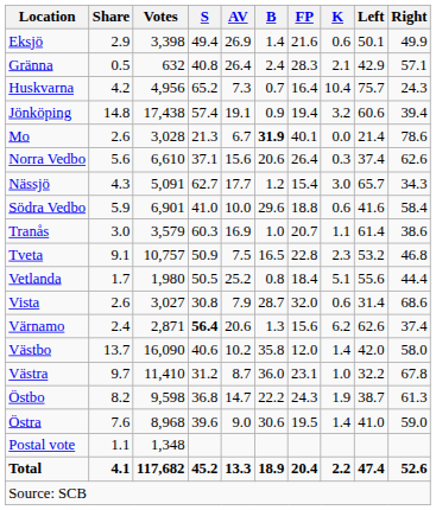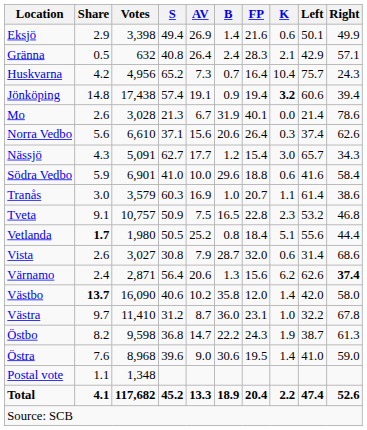 <table class="wikitable sortable" style=text-align:right>
 <tr>
 <th>Location</th>
 <th>Share</th>
 <th>Votes</th>
 <th><a href='#'>S</a></th>
 <th><a href='#'>AV</a></th>
 <th><a href='#'>B</a></th>
 <th><a href='#'>FP</a></th>
 <th><a href='#'>K</a></th>
 <th>Left</th>
 <th>Right</th>
 </tr>
 <tr>
 <td align=left><a href='#'>Eksjö</a></td>
 <td>2.9</td>
 <td>3,398</td>
 <td>49.4</td>
 <td>26.9</td>
 <td>1.4</td>
 <td>21.6</td>
 <td>0.6</td>
 <td>50.1</td>
 <td>49.9</td>
 </tr>
 <tr>
 <td align=left><a href='#'>Gränna</a></td>
 <td>0.5</td>
 <td>632</td>
 <td>40.8</td>
 <td>26.4</td>
 <td>2.4</td>
 <td>28.3</td>
 <td>2.1</td>
 <td>42.9</td>
 <td>57.1</td>
 </tr>
 <tr>
 <td align=left><a href='#'>Huskvarna</a></td>
 <td>4.2</td>
 <td>4,956</td>
 <td>65.2</td>
 <td>7.3</td>
 <td>0.7</td>
 <td>16.4</td>
 <td>10.4</td>
 <td>75.7</td>
 <td>24.3</td>
 </tr>
 <tr>
 <td align=left><a href='#'>Jönköping</a></td>
 <td>14.8</td>
 <td>17,438</td>
 <td>57.4</td>
 <td>19.1</td>
 <td>0.9</td>
 <td>19.4</td>
-<td>3.2</td>
+<td><strong>3.2</strong></td>
 <td>60.6</td>
 <td>39.4</td>
 </tr>
 <tr>
 <td align=left><a href='#'>Mo</a></td>
 <td>2.6</td>
 <td>3,028</td>
 <td>21.3</td>
 <td>6.7</td>
-<td><strong>31.9</strong></td>
+<td>31.9</td>
 <td>40.1</td>
 <td>0.0</td>
 <td>21.4</td>
 <td>78.6</td>
 </tr>
 <tr>
 <td align=left><a href='#'>Norra Vedbo</a></td>
 <td>5.6</td>
 <td>6,610</td>
 <td>37.1</td>
 <td>15.6</td>
 <td>20.6</td>
 <td>26.4</td>
 <td>0.3</td>
 <td>37.4</td>
 <td>62.6</td>
 </tr>
 <tr>
 <td align=left><a href='#'>Nässjö</a></td>
 <td>4.3</td>
 <td>5,091</td>
 <td>62.7</td>
 <td>17.7</td>
 <td>1.2</td>
 <td>15.4</td>
 <td>3.0</td>
 <td>65.7</td>
 <td>34.3</td>
 </tr>
 <tr>
 <td align=left><a href='#'>Södra Vedbo</a></td>
 <td>5.9</td>
 <td>6,901</td>
 <td>41.0</td>
 <td>10.0</td>
 <td>29.6</td>
 <td>18.8</td>
 <td>0.6</td>
 <td>41.6</td>
 <td>58.4</td>
 </tr>
 <tr>
 <td align=left><a href='#'>Tranås</a></td>
 <td>3.0</td>
 <td>3,579</td>
 <td>60.3</td>
 <td>16.9</td>
 <td>1.0</td>
 <td>20.7</td>
 <td>1.1</td>
 <td>61.4</td>
 <td>38.6</td>
 </tr>
 <tr>
 <td align=left><a href='#'>Tveta</a></td>
 <td>9.1</td>
 <td>10,757</td>
 <td>50.9</td>
 <td>7.5</td>
 <td>16.5</td>
 <td>22.8</td>
 <td>2.3</td>
 <td>53.2</td>
 <td>46.8</td>
 </tr>
 <tr>
 <td align=left><a href='#'>Vetlanda</a></td>
-<td>1.7</td>
+<td><strong>1.7</strong></td>
 <td>1,980</td>
 <td>50.5</td>
 <td>25.2</td>
 <td>0.8</td>
 <td>18.4</td>
 <td>5.1</td>
 <td>55.6</td>
 <td>44.4</td>
 </tr>
 <tr>
 <td align=left><a href='#'>Vista</a></td>
 <td>2.6</td>
 <td>3,027</td>
 <td>30.8</td>
 <td>7.9</td>
 <td>28.7</td>
 <td>32.0</td>
 <td>0.6</td>
 <td>31.4</td>
 <td>68.6</td>
 </tr>
 <tr>
 <td align=left><a href='#'>Värnamo</a></td>
 <td>2.4</td>
 <td>2,871</td>
-<td><strong>56.4</strong></td>
+<td>56.4</td>
 <td>20.6</td>
 <td>1.3</td>
 <td>15.6</td>
 <td>6.2</td>
 <td>62.6</td>
-<td>37.4</td>
+<td><strong>37.4</strong></td>
 </tr>
 <tr>
 <td align=left><a href='#'>Västbo</a></td>
-<td>13.7</td>
+<td><strong>13.7</strong></td>
 <td>16,090</td>
 <td>40.6</td>
 <td>10.2</td>
 <td>35.8</td>
 <td>12.0</td>
 <td>1.4</td>
 <td>42.0</td>
 <td>58.0</td>
 </tr>
 <tr>
 <td align=left><a href='#'>Västra</a></td>
 <td>9.7</td>
 <td>11,410</td>
 <td>31.2</td>
 <td>8.7</td>
 <td>36.0</td>
 <td>23.1</td>
 <td>1.0</td>
 <td>32.2</td>
 <td>67.8</td>
 </tr>
 <tr>
 <td align=left><a href='#'>Östbo</a></td>
 <td>8.2</td>
 <td>9,598</td>
 <td>36.8</td>
 <td>14.7</td>
 <td>22.2</td>
 <td>24.3</td>
 <td>1.9</td>
 <td>38.7</td>
 <td>61.3</td>
 </tr>
 <tr>
 <td align=left><a href='#'>Östra</a></td>
 <td>7.6</td>
 <td>8,968</td>
 <td>39.6</td>
 <td>9.0</td>
 <td>30.6</td>
 <td>19.5</td>
 <td>1.4</td>
 <td>41.0</td>
 <td>59.0</td>
 </tr>
 <tr>
 <td align=left><a href='#'>Postal vote</a></td>
 <td>1.1</td>
 <td>1,348</td>
 <td></td>
 <td></td>
 <td></td>
 <td></td>
 <td></td>
 <td></td>
 <td></td>
 </tr>
 <tr>
 <td align=left><strong>Total</strong></td>
 <td><strong>4.1</strong></td>
 <td><strong>117,682</strong></td>
 <td><strong>45.2</strong></td>
 <td><strong>13.3</strong></td>
 <td><strong>18.9</strong></td>
 <td><strong>20.4</strong></td>
 <td><strong>2.2</strong></td>
 <td><strong>47.4</strong></td>
 <td><strong>52.6</strong></td>
 </tr>
 <tr>
 <td align=left colspan=10>Source: SCB </td>
 </tr>
 </table>
